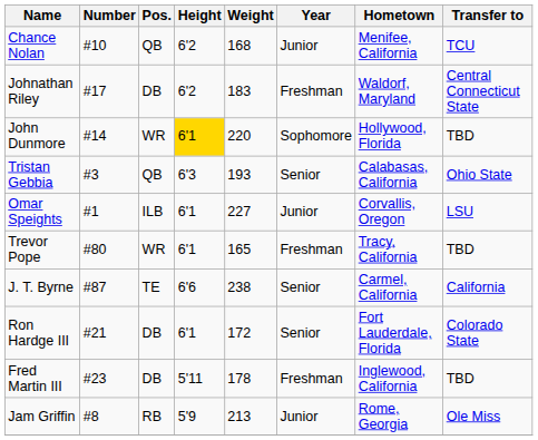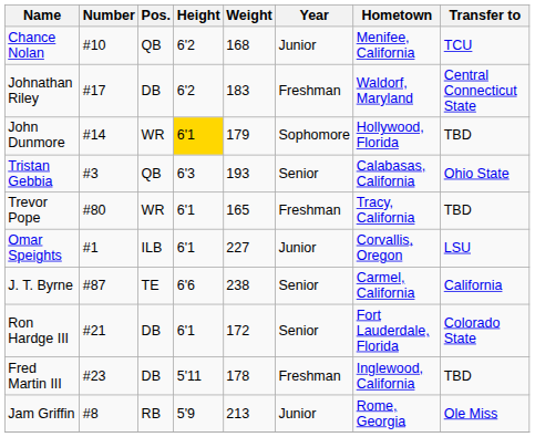 <table class="wikitable sortable">
 <tr>
 <th style="text-align:center; ">Name</th>
 <th style="text-align:center; ">Number</th>
 <th style="text-align:center; ">Pos.</th>
 <th style="text-align:center; ">Height</th>
 <th style="text-align:center; ">Weight</th>
 <th style="text-align:center; ">Year</th>
 <th style="text-align:center; ">Hometown</th>
 <th style="text-align:center; ">Transfer to</th>
 </tr>
 <tr>
 <td><a href='#'>Chance Nolan</a></td>
 <td>#10</td>
 <td>QB</td>
 <td>6'2</td>
 <td>168</td>
 <td> Junior</td>
 <td><a href='#'>Menifee, California</a></td>
 <td><a href='#'>TCU</a></td>
 </tr>
 <tr>
 <td>Johnathan Riley</td>
 <td>#17</td>
 <td>DB</td>
 <td>6'2</td>
 <td>183</td>
 <td>Freshman</td>
 <td><a href='#'>Waldorf, Maryland</a></td>
 <td><a href='#'>Central Connecticut State</a></td>
 </tr>
 <tr>
 <td>John Dunmore</td>
 <td>#14</td>
 <td>WR</td>
 <td style="background: gold;">6'1</td>
-<td>220</td>
+<td>179</td>
 <td> Sophomore</td>
 <td><a href='#'>Hollywood, Florida</a></td>
 <td>TBD</td>
 </tr>
 <tr>
 <td><a href='#'>Tristan Gebbia</a></td>
 <td>#3</td>
 <td>QB</td>
 <td>6'3</td>
 <td>193</td>
 <td> Senior</td>
 <td><a href='#'>Calabasas, California</a></td>
 <td><a href='#'>Ohio State</a></td>
 </tr>
 <tr>
+<td>Trevor Pope</td>
+<td>#80</td>
+<td>WR</td>
+<td>6'1</td>
+<td>165</td>
+<td> Freshman</td>
+<td><a href='#'>Tracy, California</a></td>
+<td>TBD</td>
+</tr>
+<tr>
 <td><a href='#'>Omar Speights</a></td>
 <td>#1</td>
 <td>ILB</td>
 <td>6'1</td>
 <td>227</td>
 <td>Junior</td>
 <td><a href='#'>Corvallis, Oregon</a></td>
 <td><a href='#'>LSU</a></td>
-</tr>
-<tr>
-<td>Trevor Pope</td>
-<td>#80</td>
-<td>WR</td>
-<td>6'1</td>
-<td>165</td>
-<td> Freshman</td>
-<td><a href='#'>Tracy, California</a></td>
-<td>TBD</td>
 </tr>
 <tr>
 <td>J. T. Byrne</td>
 <td>#87</td>
 <td>TE</td>
 <td>6'6</td>
 <td>238</td>
 <td> Senior</td>
 <td><a href='#'>Carmel, California</a></td>
 <td><a href='#'>California</a></td>
 </tr>
 <tr>
 <td>Ron Hardge III</td>
 <td>#21</td>
 <td>DB</td>
 <td>6'1</td>
 <td>172</td>
 <td>Senior</td>
 <td><a href='#'>Fort Lauderdale, Florida</a></td>
 <td><a href='#'>Colorado State</a></td>
 </tr>
 <tr>
 <td>Fred Martin III</td>
 <td>#23</td>
 <td>DB</td>
 <td>5'11</td>
 <td>178</td>
 <td>Freshman</td>
 <td><a href='#'>Inglewood, California</a></td>
 <td>TBD</td>
 </tr>
 <tr>
 <td>Jam Griffin</td>
 <td>#8</td>
 <td>RB</td>
 <td>5'9</td>
 <td>213</td>
 <td> Junior</td>
 <td><a href='#'>Rome, Georgia</a></td>
 <td><a href='#'>Ole Miss</a></td>
 </tr>
 <tr>
 </tr>
 </table>
